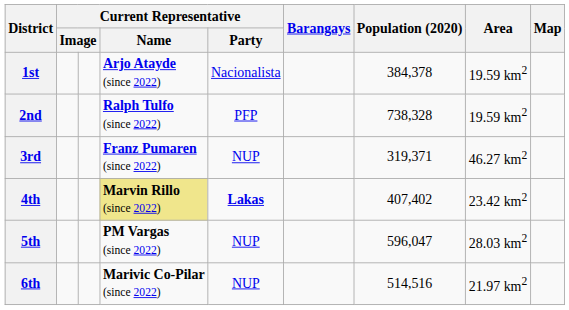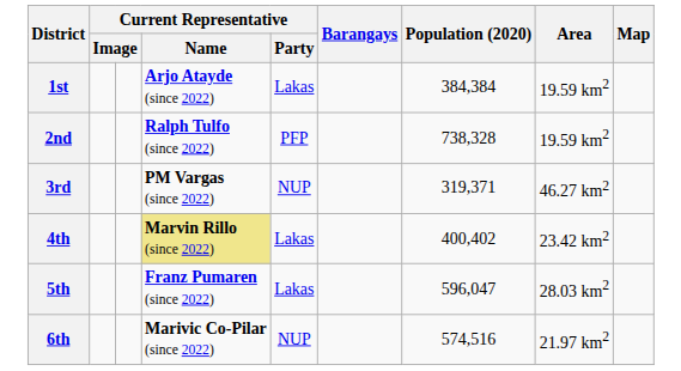 <table class="wikitable sortable" style="margin: 1em auto; font-size:100%; line-height:20px; text-align:center">
 <tr>
 <th rowspan="2">District</th>
 <th colspan="4">Current Representative</th>
 <th rowspan="2"><a href='#'>Barangays</a></th>
 <th rowspan="2">Population (2020)</th>
 <th rowspan="2">Area</th>
 <th rowspan="2">Map</th>
 </tr>
 <tr>
 <th colspan="2">Image</th>
 <th>Name</th>
 <th>Party</th>
 </tr>
 <tr>
 <th><a href='#'>1st</a></th>
 <td style="background:"></td>
 <td></td>
 <td style="text-align:left;"><strong><a href='#'>Arjo Atayde</a></strong><br><small>(since <a href='#'>2022</a>)</small></td>
-<td><a href='#'>Nacionalista</a></td>
+<td><a href='#'>Lakas</a></td>
 <td></td>
-<td>384,378</td>
+<td>384,384</td>
 <td>19.59 km<sup>2</sup></td>
 <td></td>
 </tr>
 <tr>
 <th><a href='#'>2nd</a></th>
 <td style="background:"></td>
 <td></td>
 <td style="text-align:left;"><strong><a href='#'>Ralph Tulfo</a></strong><br><small>(since <a href='#'>2022</a>)</small></td>
 <td><a href='#'>PFP</a></td>
 <td></td>
 <td>738,328</td>
 <td>19.59 km<sup>2</sup></td>
 <td></td>
 </tr>
 <tr>
 <th><a href='#'>3rd</a></th>
 <td style="background:"></td>
 <td></td>
-<td style="text-align:left;"><strong><a href='#'>Franz Pumaren</a></strong><br><small>(since <a href='#'>2022</a>)</small></td>
+<td style="text-align:left;"><strong>PM Vargas</strong><br><small>(since <a href='#'>2022</a>)</small></td>
 <td><a href='#'>NUP</a></td>
 <td></td>
 <td>319,371</td>
 <td>46.27 km<sup>2</sup></td>
 <td></td>
 </tr>
 <tr>
 <th><a href='#'>4th</a></th>
 <td style="background:"></td>
 <td></td>
 <td style="background: khaki; text-align:left;"><strong>Marvin Rillo</strong><br><small>(since <a href='#'>2022</a>)</small></td>
-<td><strong><a href='#'>Lakas</a></strong></td>
+<td><a href='#'>Lakas</a></td>
 <td></td>
-<td>407,402</td>
+<td>400,402</td>
 <td>23.42 km<sup>2</sup></td>
 <td></td>
 </tr>
 <tr>
 <th><a href='#'>5th</a></th>
 <td style="background:"></td>
 <td></td>
-<td style="text-align:left;"><strong>PM Vargas</strong><br><small>(since <a href='#'>2022</a>)</small></td>
-<td><a href='#'>NUP</a></td>
+<td style="text-align:left;"><strong><a href='#'>Franz Pumaren</a></strong><br><small>(since <a href='#'>2022</a>)</small></td>
+<td><a href='#'>Lakas</a></td>
 <td></td>
 <td>596,047</td>
 <td>28.03 km<sup>2</sup></td>
 <td></td>
 </tr>
 <tr>
 <th><a href='#'>6th</a></th>
 <td style="background:"></td>
 <td></td>
 <td style="text-align:left;"><strong>Marivic Co-Pilar</strong><br><small>(since <a href='#'>2022</a>)</small></td>
 <td><a href='#'>NUP</a></td>
 <td></td>
-<td>514,516</td>
+<td>574,516</td>
 <td>21.97 km<sup>2</sup></td>
 <td></td>
 </tr>
 </table>
